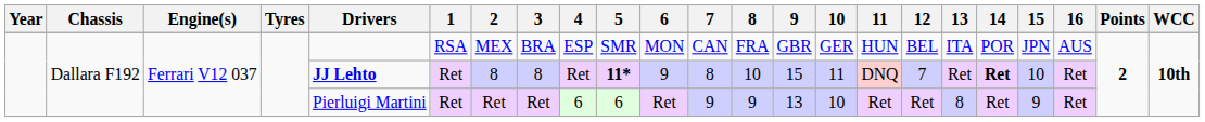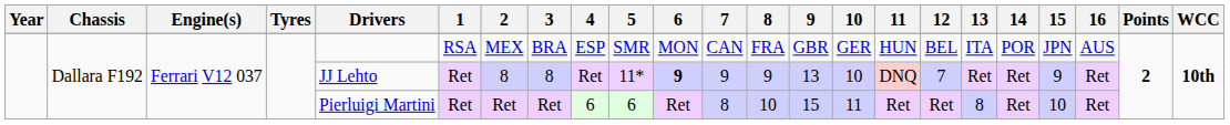 <table class="wikitable" style="text-align:center; font-size:95%">
 <tr>
 <th>Year</th>
 <th>Chassis</th>
 <th>Engine(s)</th>
 <th>Tyres</th>
 <th>Drivers</th>
 <th>1</th>
 <th>2</th>
 <th>3</th>
 <th>4</th>
 <th>5</th>
 <th>6</th>
 <th>7</th>
 <th>8</th>
 <th>9</th>
 <th>10</th>
 <th>11</th>
 <th>12</th>
 <th>13</th>
 <th>14</th>
 <th>15</th>
 <th>16</th>
 <th>Points</th>
 <th>WCC</th>
 </tr>
 <tr>
 </tr>
 <tr>
 <td rowspan="3"></td>
 <td rowspan="3">Dallara F192</td>
 <td rowspan="3"><a href='#'>Ferrari</a> <a href='#'>V12</a> 037</td>
 <td rowspan="3"></td>
 <td></td>
 <td><a href='#'>RSA</a></td>
 <td><a href='#'>MEX</a></td>
 <td><a href='#'>BRA</a></td>
 <td><a href='#'>ESP</a></td>
 <td><a href='#'>SMR</a></td>
 <td><a href='#'>MON</a></td>
 <td><a href='#'>CAN</a></td>
 <td><a href='#'>FRA</a></td>
 <td><a href='#'>GBR</a></td>
 <td><a href='#'>GER</a></td>
 <td><a href='#'>HUN</a></td>
 <td><a href='#'>BEL</a></td>
 <td><a href='#'>ITA</a></td>
 <td><a href='#'>POR</a></td>
 <td><a href='#'>JPN</a></td>
 <td><a href='#'>AUS</a></td>
 <td rowspan="3"><strong>2</strong></td>
 <td rowspan="3"><strong>10th</strong></td>
 </tr>
 <tr>
-<td align="left"><strong><a href='#'>JJ Lehto</a></strong></td>
+<td align="left"><a href='#'>JJ Lehto</a></td>
 <td style="background:#efcfff;">Ret</td>
 <td style="background:#cfcfff;">8</td>
 <td style="background:#cfcfff;">8</td>
 <td style="background:#efcfff;">Ret</td>
-<td style="background:#efcfff;"><strong>11*</strong></td>
+<td style="background:#efcfff;">11*</td>
+<td style="background:#cfcfff;"><strong>9</strong></td>
 <td style="background:#cfcfff;">9</td>
-<td style="background:#cfcfff;">8</td>
+<td style="background:#cfcfff;">9</td>
+<td style="background:#cfcfff;">13</td>
 <td style="background:#cfcfff;">10</td>
-<td style="background:#cfcfff;">15</td>
-<td style="background:#cfcfff;">11</td>
 <td style="background:#FFCFCF;">DNQ</td>
 <td style="background:#cfcfff;">7</td>
 <td style="background:#efcfff;">Ret</td>
-<td style="background:#efcfff;"><strong>Ret</strong></td>
-<td style="background:#cfcfff;">10</td>
+<td style="background:#efcfff;">Ret</td>
+<td style="background:#cfcfff;">9</td>
 <td style="background:#efcfff;">Ret</td>
 </tr>
 <tr>
 <td align="left"><a href='#'>Pierluigi Martini</a></td>
 <td style="background:#efcfff;">Ret</td>
 <td style="background:#efcfff;">Ret</td>
 <td style="background:#efcfff;">Ret</td>
 <td style="background:#dfffdf;">6</td>
 <td style="background:#dfffdf;">6</td>
 <td style="background:#efcfff;">Ret</td>
-<td style="background:#cfcfff;">9</td>
-<td style="background:#cfcfff;">9</td>
-<td style="background:#cfcfff;">13</td>
+<td style="background:#cfcfff;">8</td>
 <td style="background:#cfcfff;">10</td>
+<td style="background:#cfcfff;">15</td>
+<td style="background:#cfcfff;">11</td>
 <td style="background:#efcfff;">Ret</td>
 <td style="background:#efcfff;">Ret</td>
 <td style="background:#cfcfff;">8</td>
 <td style="background:#efcfff;">Ret</td>
-<td style="background:#cfcfff;">9</td>
+<td style="background:#cfcfff;">10</td>
 <td style="background:#efcfff;">Ret</td>
 </tr>
 <tr>
 </tr>
 </table>
